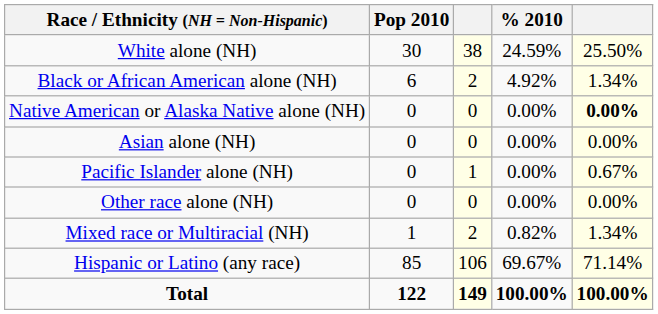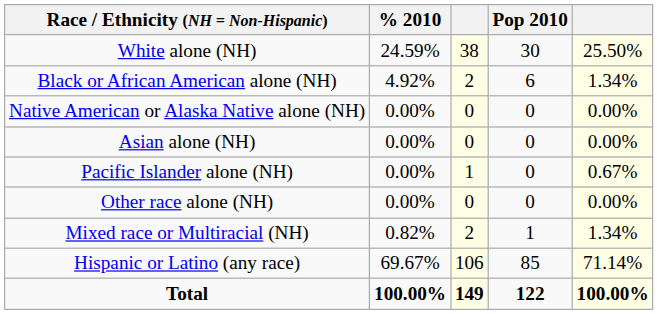 <table class="wikitable" style="text-align:center;">
 <tr>
 <th>Race / Ethnicity <small>(<em>NH = Non-Hispanic</em>)</small></th>
+<th>% 2010</th>
+<th></th>
 <th>Pop 2010</th>
-<th></th>
-<th>% 2010</th>
 <th></th>
 </tr>
 <tr>
 <td><a href='#'>White</a> alone (NH)</td>
+<td>24.59%</td>
+<td style='background: #ffffe6;'>38</td>
 <td>30</td>
-<td style='background: #ffffe6;'>38</td>
-<td>24.59%</td>
 <td style='background: #ffffe6;'>25.50%</td>
 </tr>
 <tr>
 <td><a href='#'>Black or African American</a> alone (NH)</td>
+<td>4.92%</td>
+<td style='background: #ffffe6;'>2</td>
 <td>6</td>
-<td style='background: #ffffe6;'>2</td>
-<td>4.92%</td>
 <td style='background: #ffffe6;'>1.34%</td>
 </tr>
 <tr>
 <td><a href='#'>Native American</a> or <a href='#'>Alaska Native</a> alone (NH)</td>
+<td>0.00%</td>
+<td style='background: #ffffe6;'>0</td>
 <td>0</td>
-<td style='background: #ffffe6;'>0</td>
-<td>0.00%</td>
-<td style='background: #ffffe6;'><strong>0.00%</strong></td>
+<td style='background: #ffffe6;'>0.00%</td>
 </tr>
 <tr>
 <td><a href='#'>Asian</a> alone (NH)</td>
+<td>0.00%</td>
+<td style='background: #ffffe6;'>0</td>
 <td>0</td>
-<td style='background: #ffffe6;'>0</td>
-<td>0.00%</td>
 <td style='background: #ffffe6;'>0.00%</td>
 </tr>
 <tr>
 <td><a href='#'>Pacific Islander</a> alone (NH)</td>
+<td>0.00%</td>
+<td style='background: #ffffe6;'>1</td>
 <td>0</td>
-<td style='background: #ffffe6;'>1</td>
-<td>0.00%</td>
 <td style='background: #ffffe6;'>0.67%</td>
 </tr>
 <tr>
 <td><a href='#'>Other race</a> alone (NH)</td>
+<td>0.00%</td>
+<td style='background: #ffffe6;'>0</td>
 <td>0</td>
-<td style='background: #ffffe6;'>0</td>
-<td>0.00%</td>
 <td style='background: #ffffe6;'>0.00%</td>
 </tr>
 <tr>
 <td><a href='#'>Mixed race or Multiracial</a> (NH)</td>
+<td>0.82%</td>
+<td style='background: #ffffe6;'>2</td>
 <td>1</td>
-<td style='background: #ffffe6;'>2</td>
-<td>0.82%</td>
 <td style='background: #ffffe6;'>1.34%</td>
 </tr>
 <tr>
 <td><a href='#'>Hispanic or Latino</a> (any race)</td>
+<td>69.67%</td>
+<td style='background: #ffffe6;'>106</td>
 <td>85</td>
-<td style='background: #ffffe6;'>106</td>
-<td>69.67%</td>
 <td style='background: #ffffe6;'>71.14%</td>
 </tr>
 <tr>
 <td><strong>Total</strong></td>
+<td><strong>100.00%</strong></td>
+<td style='background: #ffffe6;'><strong>149</strong></td>
 <td><strong>122</strong></td>
-<td style='background: #ffffe6;'><strong>149</strong></td>
-<td><strong>100.00%</strong></td>
 <td style='background: #ffffe6;'><strong>100.00%</strong></td>
 </tr>
 </table>
